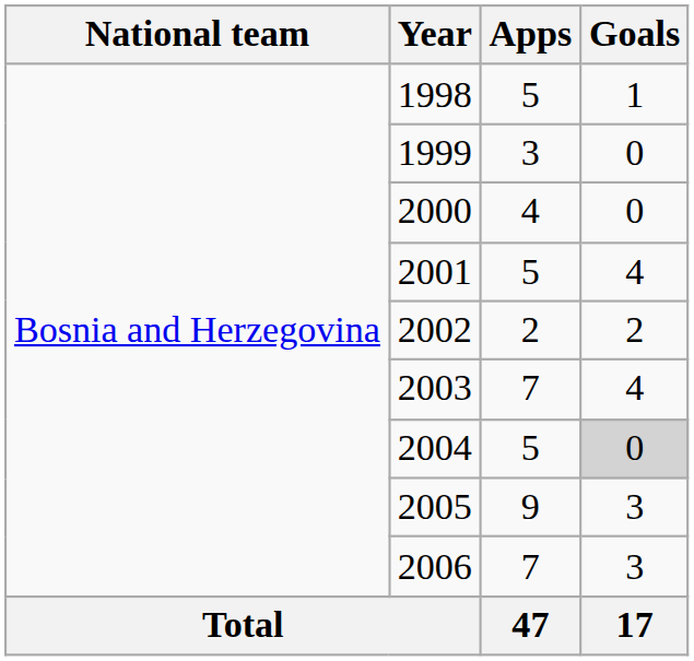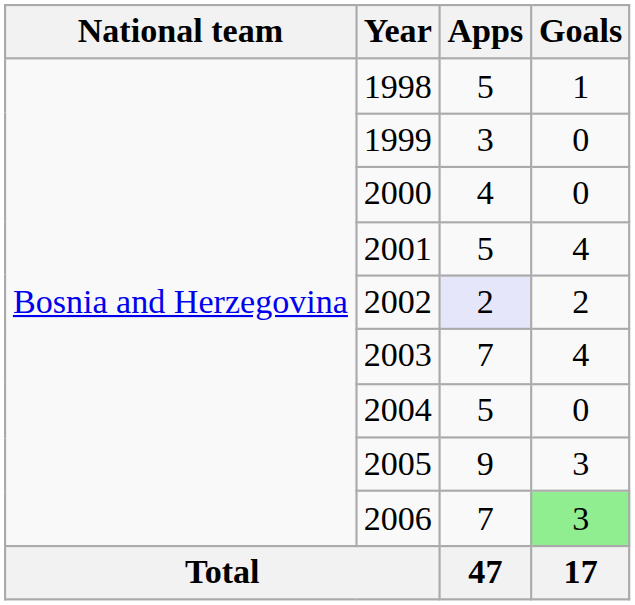 <table class="wikitable" style="text-align:center">
 <tr>
 <th>National team</th>
 <th>Year</th>
 <th>Apps</th>
 <th>Goals</th>
 </tr>
 <tr>
 <td rowspan=9><a href='#'>Bosnia and Herzegovina</a></td>
 <td>1998</td>
 <td>5</td>
 <td>1</td>
 </tr>
 <tr>
 <td>1999</td>
 <td>3</td>
 <td>0</td>
 </tr>
 <tr>
 <td>2000</td>
 <td>4</td>
 <td>0</td>
 </tr>
 <tr>
 <td>2001</td>
 <td>5</td>
 <td>4</td>
 </tr>
 <tr>
 <td>2002</td>
-<td>2</td>
+<td style="background: lavender;">2</td>
 <td>2</td>
 </tr>
 <tr>
 <td>2003</td>
 <td>7</td>
 <td>4</td>
 </tr>
 <tr>
 <td>2004</td>
 <td>5</td>
-<td style="background: lightgrey;">0</td>
+<td>0</td>
 </tr>
 <tr>
 <td>2005</td>
 <td>9</td>
 <td>3</td>
 </tr>
 <tr>
 <td>2006</td>
 <td>7</td>
-<td>3</td>
+<td style="background: lightgreen;">3</td>
 </tr>
 <tr>
 <th colspan="2">Total</th>
 <th>47</th>
 <th>17</th>
 </tr>
 </table>
